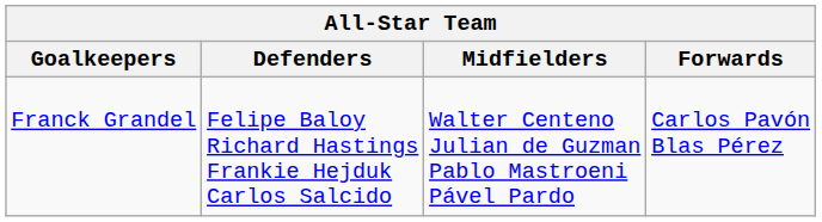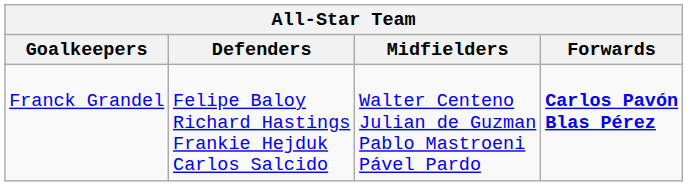 <table class="wikitable" style="margin: 0 auto;">
 <tr>
 <th colspan=4>All-Star Team</th>
 </tr>
 <tr>
 <th>Goalkeepers</th>
 <th>Defenders</th>
 <th>Midfielders</th>
 <th>Forwards</th>
 </tr>
 <tr>
 <td align=left valign=top><br> <a href='#'>Franck Grandel</a></td>
 <td align=left valign=top><br> <a href='#'>Felipe Baloy</a> <br>  <a href='#'>Richard Hastings</a> <br>  <a href='#'>Frankie Hejduk</a> <br>  <a href='#'>Carlos Salcido</a></td>
 <td align=left valign=top><br> <a href='#'>Walter Centeno</a> <br>  <a href='#'>Julian de Guzman</a> <br>  <a href='#'>Pablo Mastroeni</a> <br>  <a href='#'>Pável Pardo</a></td>
-<td align=left valign=top><br> <a href='#'>Carlos Pavón</a> <br>  <a href='#'>Blas Pérez</a></td>
+<td align=left valign=top><strong><br> <a href='#'>Carlos Pavón</a> <br>  <a href='#'>Blas Pérez</a></strong></td>
 </tr>
 </table>
